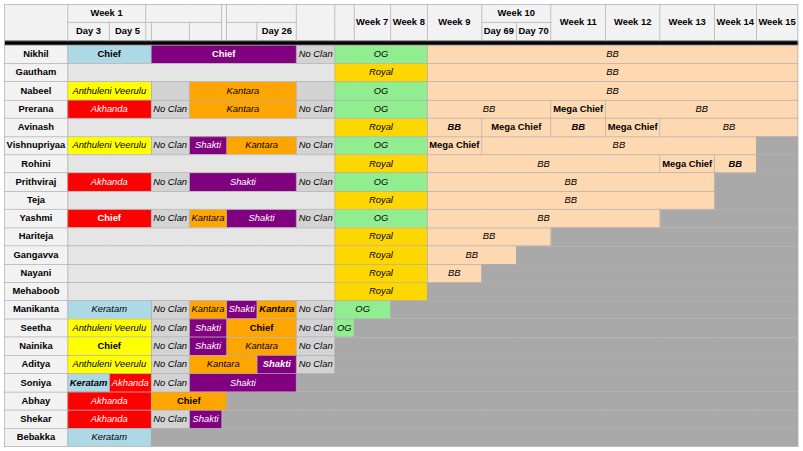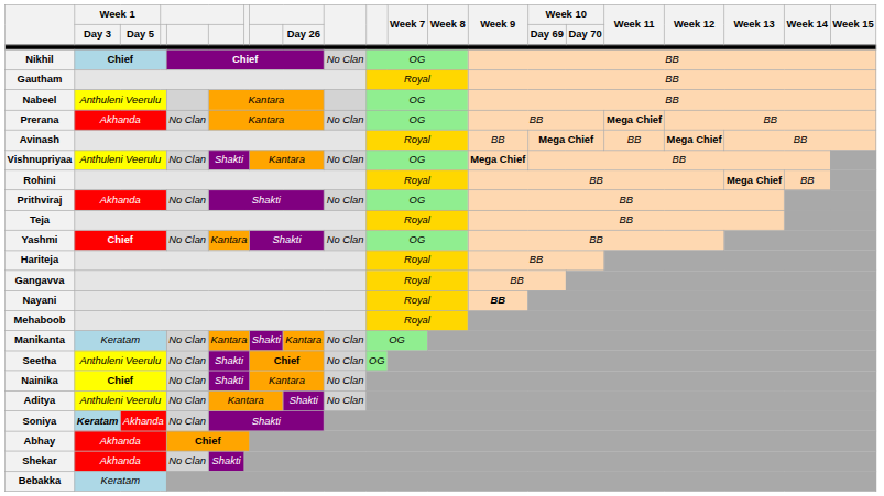 <table class="wikitable" style="text-align:center; font-size:85%; font-family: sans-serif; line-height:20px;">
 <tr>
 <th rowspan="2"></th>
 <th colspan="2">Week 1</th>
 <th colspan="3"></th>
 <th rowspan="2"></th>
 <th colspan="2"></th>
 <th rowspan="2"></th>
 <th rowspan="2"></th>
 <th rowspan="2">Week 7</th>
 <th rowspan="2">Week 8</th>
 <th rowspan="2">Week 9</th>
 <th colspan="2">Week 10</th>
 <th rowspan="2">Week 11</th>
 <th rowspan="2">Week 12</th>
 <th rowspan="2">Week 13</th>
 <th rowspan="2">Week 14</th>
 <th rowspan="2">Week 15</th>
 </tr>
 <tr>
 <th>Day 3</th>
 <th>Day 5</th>
 <th></th>
 <th></th>
 <th></th>
 <th></th>
 <th>Day 26</th>
 <th>Day 69</th>
 <th>Day 70</th>
 </tr>
 <tr>
 <th colspan="21" style="background:#000;"></th>
 </tr>
 <tr>
 <th>Nikhil</th>
 <td colspan="3" style="background:lightblue"><strong>Chief</strong></td>
 <td colspan="5" style="background:purple; color:white"><strong>Chief</strong></td>
 <td style="background:lightgrey;"><em>No Clan</em></td>
 <td colspan="3" style="background:lightgreen"><em>OG</em></td>
 <td colspan="8" style="background:#FED8B1"><em>BB</em></td>
 </tr>
 <tr>
 <th>Gautham</th>
 <td colspan="9" style="background:#E5E5E5"></td>
 <td colspan="3" style="background:gold"><em>Royal</em></td>
 <td colspan="8" style="background:#FED8B1"><em>BB</em></td>
 </tr>
 <tr>
 <th>Nabeel</th>
 <td colspan="3" style="background:yellow"><em>Anthuleni Veerulu</em></td>
 <td style="background:lightgrey;"></td>
 <td colspan="4" style="background:orange"><em>Kantara</em></td>
 <td style="background:lightgrey;"></td>
 <td colspan="3" style="background:lightgreen;"><em>OG</em></td>
 <td colspan="8" style="background:#FED8B1"><em>BB</em></td>
 </tr>
 <tr>
 <th>Prerana</th>
 <td colspan="3" style="background:red; color:white "><em>Akhanda</em></td>
 <td style="background:lightgrey;"><em>No Clan</em></td>
 <td colspan="4" style="background:orange"><em>Kantara</em></td>
 <td style="background:lightgrey;"><em>No Clan</em></td>
 <td colspan="3" style="background:lightgreen"><em>OG</em></td>
 <td colspan="3" style="background:#FED8B1"><em>BB</em></td>
 <td style="background:#FED8B1"><strong>Mega Chief</strong></td>
 <td colspan="4" style="background:#FED8B1"><em>BB</em></td>
 </tr>
 <tr>
 <th>Avinash</th>
 <td colspan="9" style="background:#E5E5E5"></td>
 <td colspan="3" style="background:gold"><em>Royal</em></td>
-<td style="background:#FED8B1"><strong><em>BB</em></strong></td>
+<td style="background:#FED8B1"><em>BB</em></td>
 <td colspan="2" style="background:#FED8B1"><strong>Mega Chief</strong></td>
-<td style="background:#FED8B1"><strong><em>BB</em></strong></td>
+<td style="background:#FED8B1"><em>BB</em></td>
 <td style="background:#FED8B1"><strong>Mega Chief</strong></td>
 <td colspan="3" style="background:#FED8B1"><em>BB</em></td>
 </tr>
 <tr>
 <th>Vishnupriyaa</th>
 <td colspan="3" style="background:yellow"><em>Anthuleni Veerulu</em></td>
 <td style="background:lightgrey;"><em>No Clan</em></td>
 <td colspan="2" style="background:purple; color:white"><em>Shakti</em></td>
 <td colspan="2" style="background:orange"><em>Kantara</em></td>
 <td style="background:lightgrey;"><em>No Clan</em></td>
 <td colspan="3" style="background:lightgreen"><em>OG</em></td>
 <td style="background:#FED8B1"><strong>Mega Chief</strong></td>
 <td colspan="6" style="background:#FED8B1"><em>BB</em></td>
 <td style="background: darkgrey;"></td>
 </tr>
 <tr>
 <th>Rohini</th>
 <td colspan="9" style="background:#E5E5E5"></td>
 <td colspan="3" style="background:gold"><em>Royal</em></td>
 <td colspan="5" style="background:#FED8B1"><em>BB</em></td>
 <td style="background:#FED8B1"><strong>Mega Chief</strong></td>
-<td style="background:#FED8B1"><strong><em>BB</em></strong></td>
+<td style="background:#FED8B1"><em>BB</em></td>
 <td style="background: darkgrey;"></td>
 </tr>
 <tr>
 <th>Prithviraj</th>
 <td colspan="3" style="background:red; color:white "><em>Akhanda</em></td>
 <td style="background:lightgrey;"><em>No Clan</em></td>
 <td colspan="4" style="background:purple; color:white"><em>Shakti</em></td>
 <td style="background:lightgrey;"><em>No Clan</em></td>
 <td colspan="3" style="background:lightgreen"><em>OG</em></td>
 <td colspan="6" style="background:#FED8B1"><em>BB</em></td>
 <td colspan="2" style="background: darkgrey;"></td>
 </tr>
 <tr>
 <th>Teja</th>
 <td colspan="9" style="background:#E5E5E5;"></td>
 <td colspan="3" style="background:gold"><em>Royal</em></td>
 <td colspan="6" style="background:#FED8B1"><em>BB</em></td>
 <td colspan="2" style="background: darkgrey;"></td>
 </tr>
 <tr>
 <th>Yashmi</th>
 <td colspan="3" style="background:red; color:white "><strong>Chief</strong></td>
 <td style="background:lightgrey;"><em>No Clan</em></td>
 <td colspan="2" style="background:orange"><em>Kantara</em></td>
 <td colspan="2" style="background:purple; color:white"><em>Shakti</em></td>
 <td style="background:lightgrey;"><em>No Clan</em></td>
 <td colspan="3" style="background:lightgreen"><em>OG</em></td>
 <td colspan="5" style="background:#FED8B1"><em>BB</em></td>
 <td colspan="3" style="background: darkgrey;"></td>
 </tr>
 <tr>
 <th>Hariteja</th>
 <td colspan="9" style="background:#E5E5E5"></td>
 <td colspan="3" style="background:gold"><em>Royal</em></td>
 <td colspan="3" style="background:#FED8B1"><em>BB</em></td>
 <td colspan="5" style="background: darkgrey;"></td>
 </tr>
 <tr>
 <th>Gangavva</th>
 <td colspan="9" style="background:#E5E5E5"></td>
 <td colspan="3" style="background:gold"><em>Royal</em></td>
 <td colspan="2" style="background:#FED8B1"><em>BB</em></td>
 <td colspan="6" style="background: darkgrey;"></td>
 </tr>
 <tr>
 <th>Nayani</th>
 <td colspan="9" style="background:#E5E5E5"></td>
 <td colspan="3" style="background:gold"><em>Royal</em></td>
-<td style="background:#FED8B1"><em>BB</em></td>
+<td style="background:#FED8B1"><strong><em>BB</em></strong></td>
 <td colspan="7" style="background: darkgrey;"></td>
 </tr>
 <tr>
 <th>Mehaboob</th>
 <td colspan="9" style="background:#E5E5E5"></td>
 <td colspan="3" style="background:gold"><em>Royal</em></td>
 <td colspan="8" style="background: darkgrey;"></td>
 </tr>
 <tr>
 <th>Manikanta</th>
 <td colspan="3" style="background:lightblue"><em>Keratam</em></td>
 <td style="background:lightgrey;"><em>No Clan</em></td>
 <td colspan="2" style="background:orange"><em>Kantara</em></td>
 <td style="background:purple; color:white"><em>Shakti</em></td>
-<td style="background:orange"><strong><em>Kantara</em></strong></td>
+<td style="background:orange"><em>Kantara</em></td>
 <td style="background:lightgrey;"><em>No Clan</em></td>
 <td colspan="2" style="background:lightgreen"><em>OG</em></td>
 <td colspan="9" style="background: darkgrey;"></td>
 </tr>
 <tr>
 <th>Seetha</th>
 <td colspan="3" style="background:yellow"><em>Anthuleni Veerulu</em></td>
 <td style="background:lightgrey;"><em>No Clan</em></td>
 <td colspan="2"style="background:purple; color:white"><em>Shakti</em></td>
 <td colspan="2" style="background:orange"><strong>Chief</strong></td>
 <td style="background:lightgrey;"><em>No Clan</em></td>
 <td style="background:lightgreen"><em>OG</em></td>
 <td colspan="10" style="background: darkgrey;"></td>
 </tr>
 <tr>
 <th>Nainika</th>
 <td colspan="3" style="background:yellow"><strong>Chief</strong></td>
 <td style="background:lightgrey;"><em>No Clan</em></td>
 <td colspan="2" style="background:purple; color:white"><em>Shakti</em></td>
 <td colspan="2" style="background:orange"><em>Kantara</em></td>
 <td style="background:lightgrey;"><em>No Clan</em></td>
 <td colspan="11" style="background: darkgrey;"></td>
 </tr>
 <tr>
 <th>Aditya</th>
 <td colspan="3" style="background:yellow"><em>Anthuleni Veerulu</em></td>
 <td style="background:lightgrey;"><em>No Clan</em></td>
 <td colspan="3" style="background:orange"><em>Kantara</em></td>
-<td style="background:purple; color:white"><strong><em>Shakti</em></strong></td>
+<td style="background:purple; color:white"><em>Shakti</em></td>
 <td style="background:lightgrey;"><em>No Clan</em></td>
 <td colspan="11" style="background: darkgrey;"></td>
 </tr>
 <tr>
 <th>Soniya</th>
 <td style="background:lightblue"><strong><em>Keratam</em></strong></td>
 <td colspan="2" style="background:red; color:white "><em>Akhanda</em></td>
 <td style="background:lightgrey;"><em>No Clan</em></td>
 <td colspan="4" style="background:purple; color:white"><em>Shakti</em></td>
 <td colspan="12" style="background: darkgrey;"></td>
 </tr>
 <tr>
 <th>Abhay</th>
 <td colspan="3" style="background:red; color:white "><em>Akhanda</em></td>
 <td colspan="3" style="background:orange"><strong>Chief</strong></td>
 <td colspan="14" style="background: darkgrey;"></td>
 </tr>
 <tr>
 <th>Shekar</th>
 <td colspan="3" style="background:red; color:white "><em>Akhanda</em></td>
 <td style="background:lightgrey;"><em>No Clan</em></td>
 <td style="background:purple; color:white"><em>Shakti</em></td>
 <td colspan="15" style="background:darkgrey;"></td>
 </tr>
 <tr>
 <th>Bebakka</th>
 <td colspan="3" style="background:lightblue"><em>Keratam</em></td>
 <td colspan="17" style="background: darkgrey;"></td>
 </tr>
 </table>
